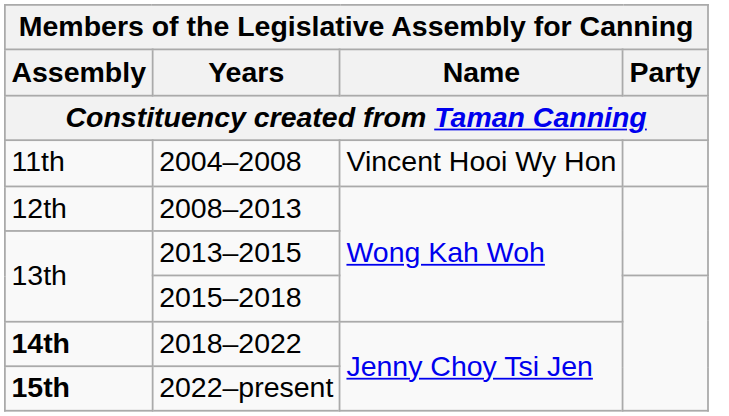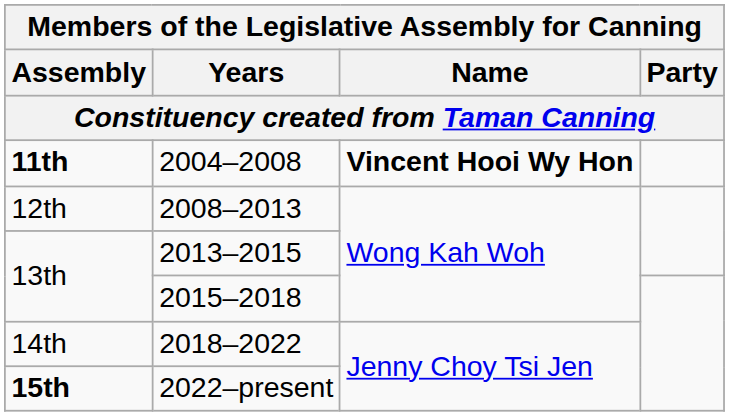 <table class="wikitable">
 <tr>
 <th colspan="4">Members of the Legislative Assembly for Canning</th>
 </tr>
 <tr>
 <th>Assembly</th>
 <th>Years</th>
 <th>Name</th>
 <th>Party</th>
 </tr>
 <tr>
 <th colspan="4"><em>Constituency created from <a href='#'>Taman Canning</a></em></th>
 </tr>
 <tr>
-<td>11th</td>
+<td><strong>11th</strong></td>
 <td>2004–2008</td>
-<td>Vincent Hooi Wy Hon</td>
+<td><strong>Vincent Hooi Wy Hon</strong></td>
 <td></td>
 </tr>
 <tr>
 <td>12th</td>
 <td>2008–2013</td>
 <td rowspan=3><a href='#'>Wong Kah Woh</a></td>
 <td rowspan=2></td>
 </tr>
 <tr>
 <td rowspan=2>13th</td>
 <td>2013–2015</td>
 </tr>
 <tr>
 <td>2015–2018</td>
 <td rowspan=3></td>
 </tr>
 <tr>
-<td><strong>14th</strong></td>
+<td>14th</td>
 <td>2018–2022</td>
 <td rowspan=2><a href='#'>Jenny Choy Tsi Jen</a></td>
 </tr>
 <tr>
 <td><strong>15th</strong></td>
 <td>2022–present</td>
 </tr>
 </table>
